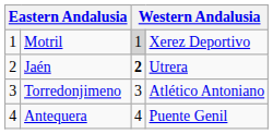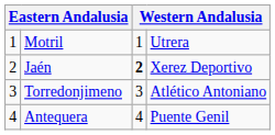 <table class=wikitable style="font-size:80%">
 <tr>
 <th colspan=2><a href='#'>Eastern Andalusia</a></th>
 <th colspan=2><a href='#'>Western Andalusia</a></th>
 </tr>
 <tr>
 <td align=center>1</td>
 <td><a href='#'>Motril</a></td>
-<td align=center style="background: lightgrey;">1</td>
-<td><a href='#'>Xerez Deportivo</a></td>
+<td align=center>1</td>
+<td><a href='#'>Utrera</a></td>
 </tr>
 <tr>
 <td align=center>2</td>
 <td><a href='#'>Jaén</a></td>
 <td align=center><strong>2</strong></td>
-<td><a href='#'>Utrera</a></td>
+<td><a href='#'>Xerez Deportivo</a></td>
 </tr>
 <tr>
 <td align=center>3</td>
 <td><a href='#'>Torredonjimeno</a></td>
 <td align=center>3</td>
 <td><a href='#'>Atlético Antoniano</a></td>
 </tr>
 <tr>
 <td align=center>4</td>
 <td><a href='#'>Antequera</a></td>
 <td align=center>4</td>
 <td><a href='#'>Puente Genil</a></td>
 </tr>
 </table>
